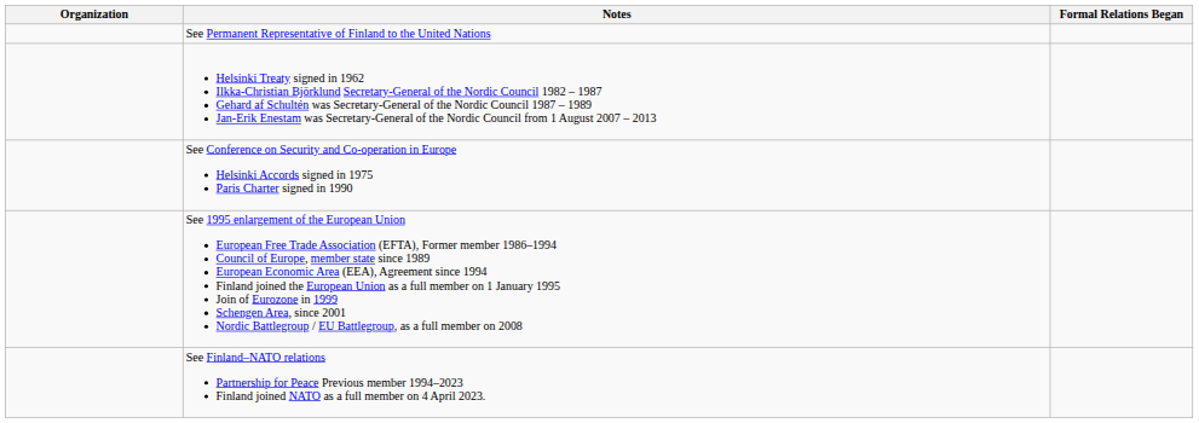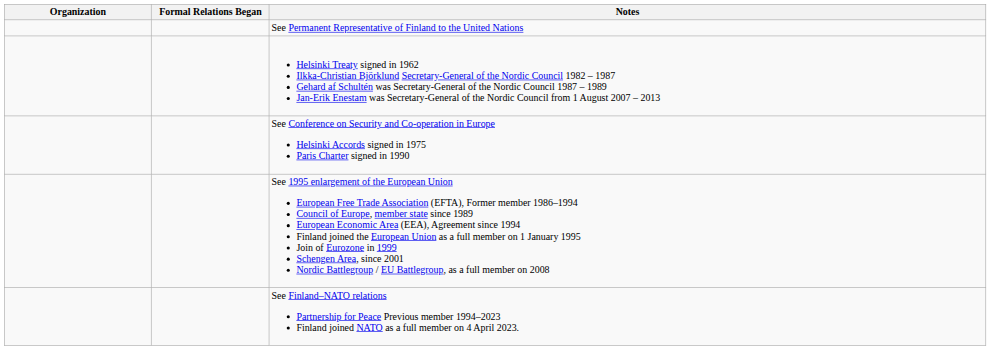 <table class="wikitable sortable" border="1" style="width:100%; margin:auto;">
 <tr>
 <th width="15%">Organization</th>
+<th width="12%">Formal Relations Began</th>
 <th>Notes</th>
-<th width="12%">Formal Relations Began</th>
 </tr>
 <tr -valign="top">
 <td></td>
+<td></td>
 <td>See <a href='#'>Permanent Representative of Finland to the United Nations</a></td>
-<td></td>
 </tr>
 <tr -valign="top">
 <td></td>
+<td></td>
 <td><br><ul><li><a href='#'>Helsinki Treaty</a> signed in 1962</li><li><a href='#'>Ilkka-Christian Björklund</a> <a href='#'>Secretary-General of the Nordic Council</a> 1982 – 1987</li><li><a href='#'>Gehard af Schultén</a> was Secretary-General of the Nordic Council 1987 – 1989</li><li><a href='#'>Jan-Erik Enestam</a> was Secretary-General of the Nordic Council from 1 August 2007 – 2013</li></ul></td>
-<td></td>
 </tr>
 <tr -valign="top">
 <td></td>
+<td></td>
 <td>See <a href='#'>Conference on Security and Co-operation in Europe</a> <br><ul><li><a href='#'>Helsinki Accords</a> signed in 1975</li><li><a href='#'>Paris Charter</a> signed in 1990</li></ul></td>
-<td></td>
 </tr>
 <tr -valign="top">
 <td></td>
+<td></td>
 <td>See <a href='#'>1995 enlargement of the European Union</a> <br><ul><li><a href='#'>European Free Trade Association</a> (EFTA), Former member 1986–1994</li><li><a href='#'>Council of Europe</a>, <a href='#'>member state</a> since 1989</li><li><a href='#'>European Economic Area</a> (EEA), Agreement since 1994</li><li>Finland joined the <a href='#'>European Union</a> as a full member on 1 January 1995</li><li>Join of <a href='#'>Eurozone</a> in <a href='#'>1999</a></li><li><a href='#'>Schengen Area</a>, since 2001</li><li><a href='#'>Nordic Battlegroup</a> / <a href='#'>EU Battlegroup</a>, as a full member on 2008</li></ul></td>
-<td></td>
 </tr>
 <tr -valign="top">
 <td></td>
+<td></td>
 <td>See <a href='#'>Finland–NATO relations</a> <br><ul><li><a href='#'>Partnership for Peace</a> Previous member 1994–2023</li><li>Finland joined <a href='#'>NATO</a> as a full member on 4 April 2023.</li></ul></td>
-<td></td>
 </tr>
 </table>
